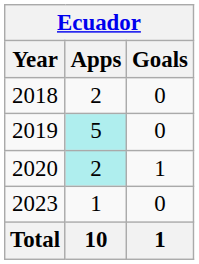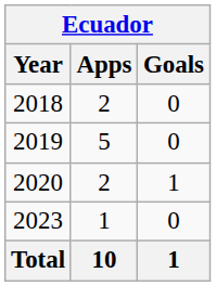 <table class="wikitable" style="text-align:center">
 <tr>
 <th colspan=3><a href='#'>Ecuador</a></th>
 </tr>
 <tr>
 <th>Year</th>
 <th>Apps</th>
 <th>Goals</th>
 </tr>
 <tr>
 <td>2018</td>
 <td>2</td>
 <td>0</td>
 </tr>
 <tr>
 <td>2019</td>
-<td style="background: paleturquoise;">5</td>
+<td>5</td>
 <td>0</td>
 </tr>
 <tr>
 <td>2020</td>
-<td style="background: paleturquoise;">2</td>
+<td>2</td>
 <td>1</td>
 </tr>
 <tr>
 <td>2023</td>
 <td>1</td>
 <td>0</td>
 </tr>
 <tr>
 <th>Total</th>
 <th>10</th>
 <th>1</th>
 </tr>
 </table>
